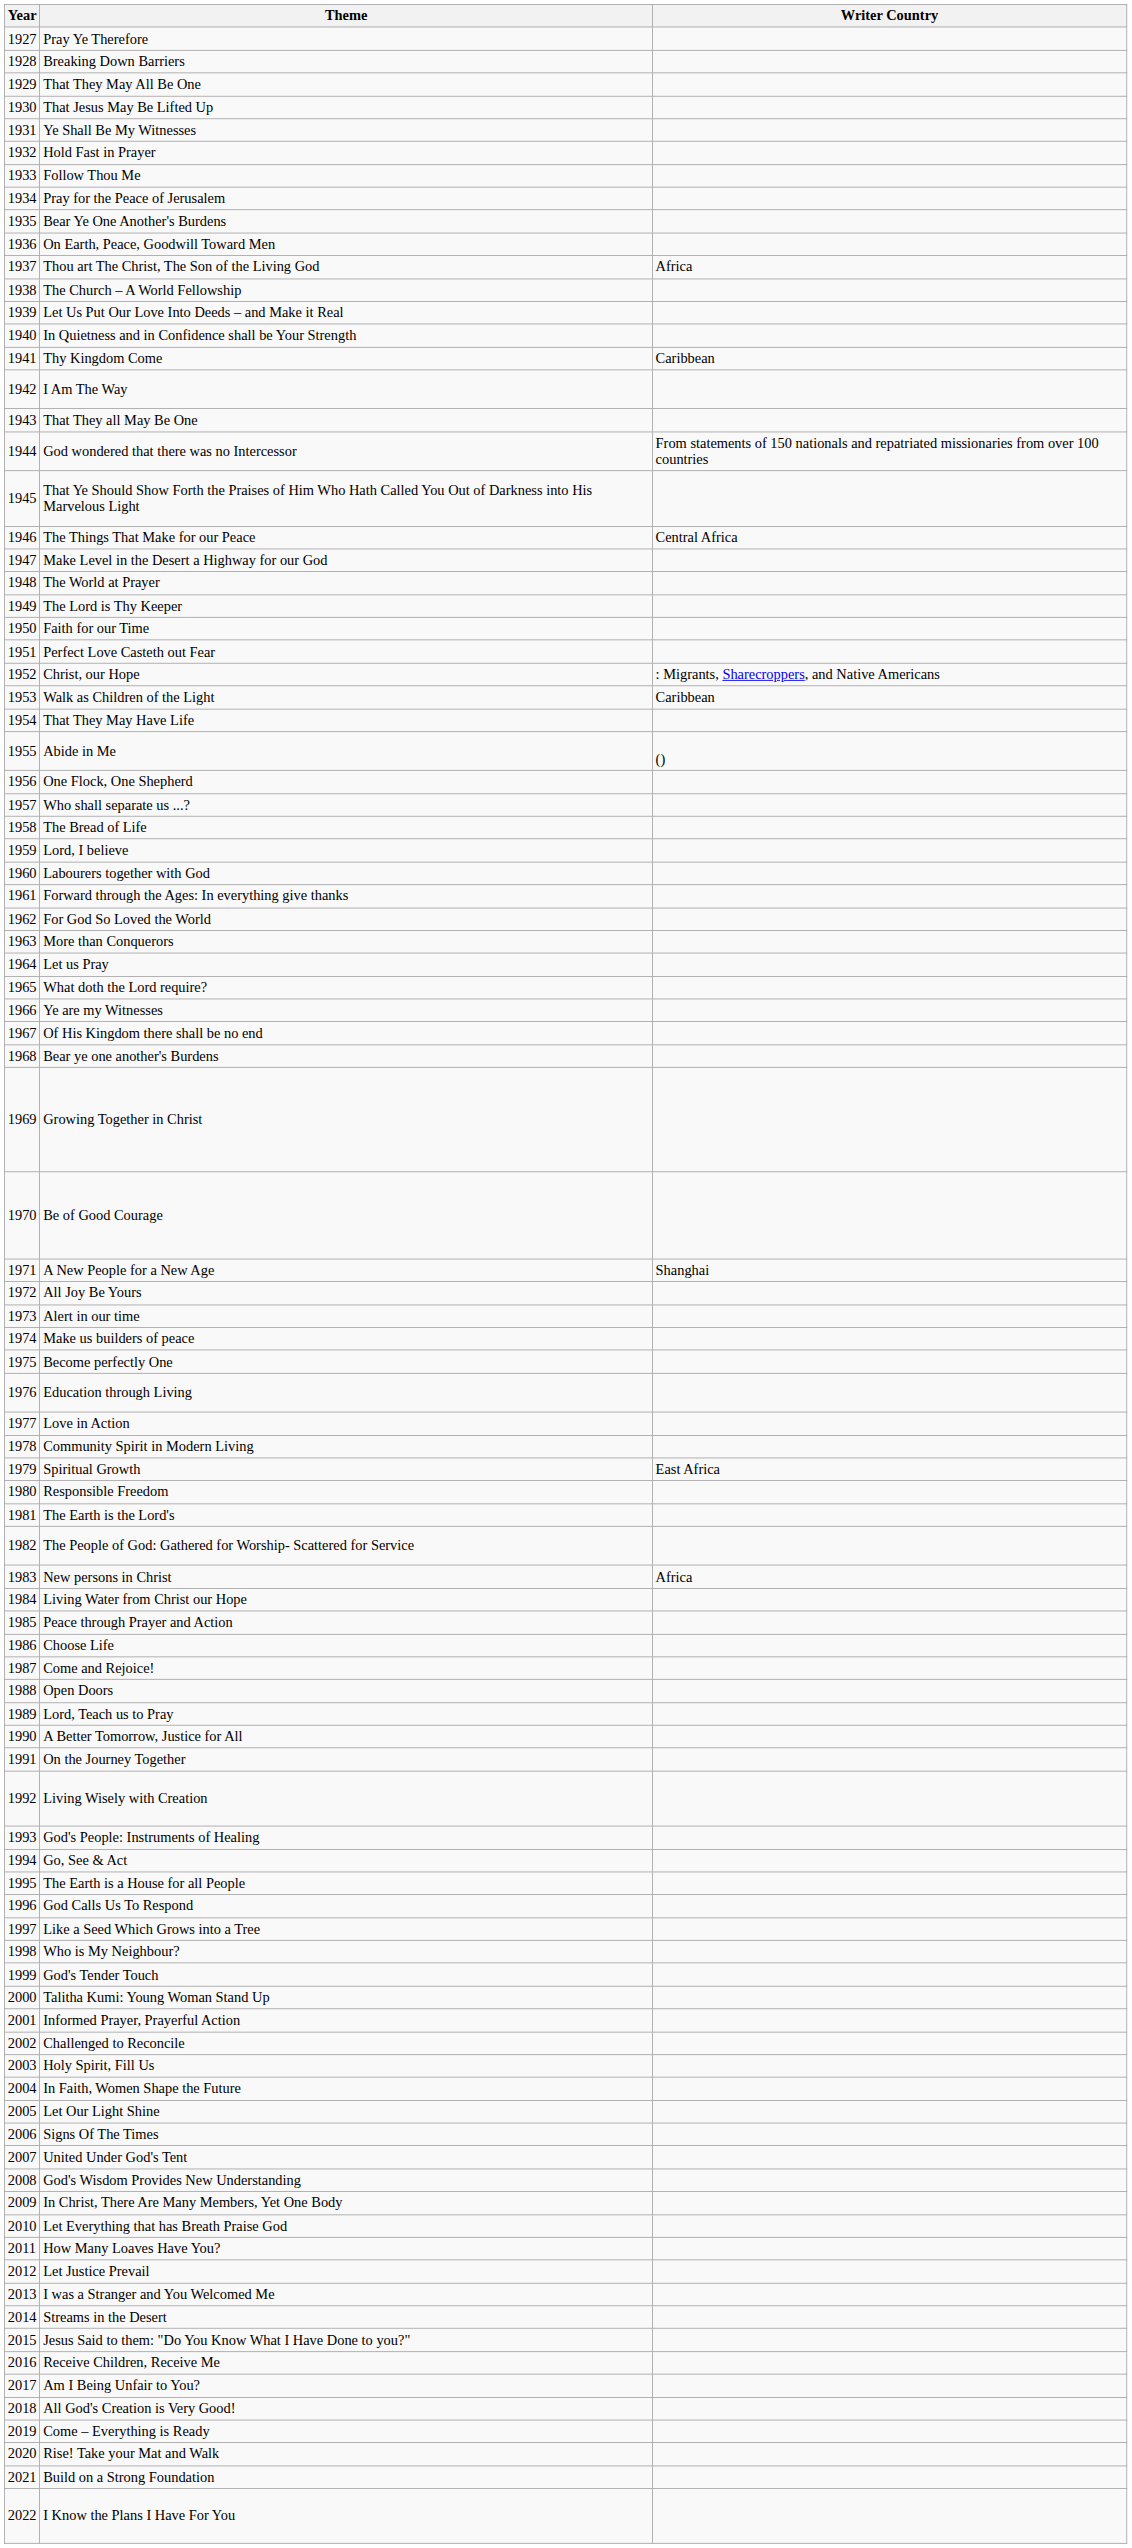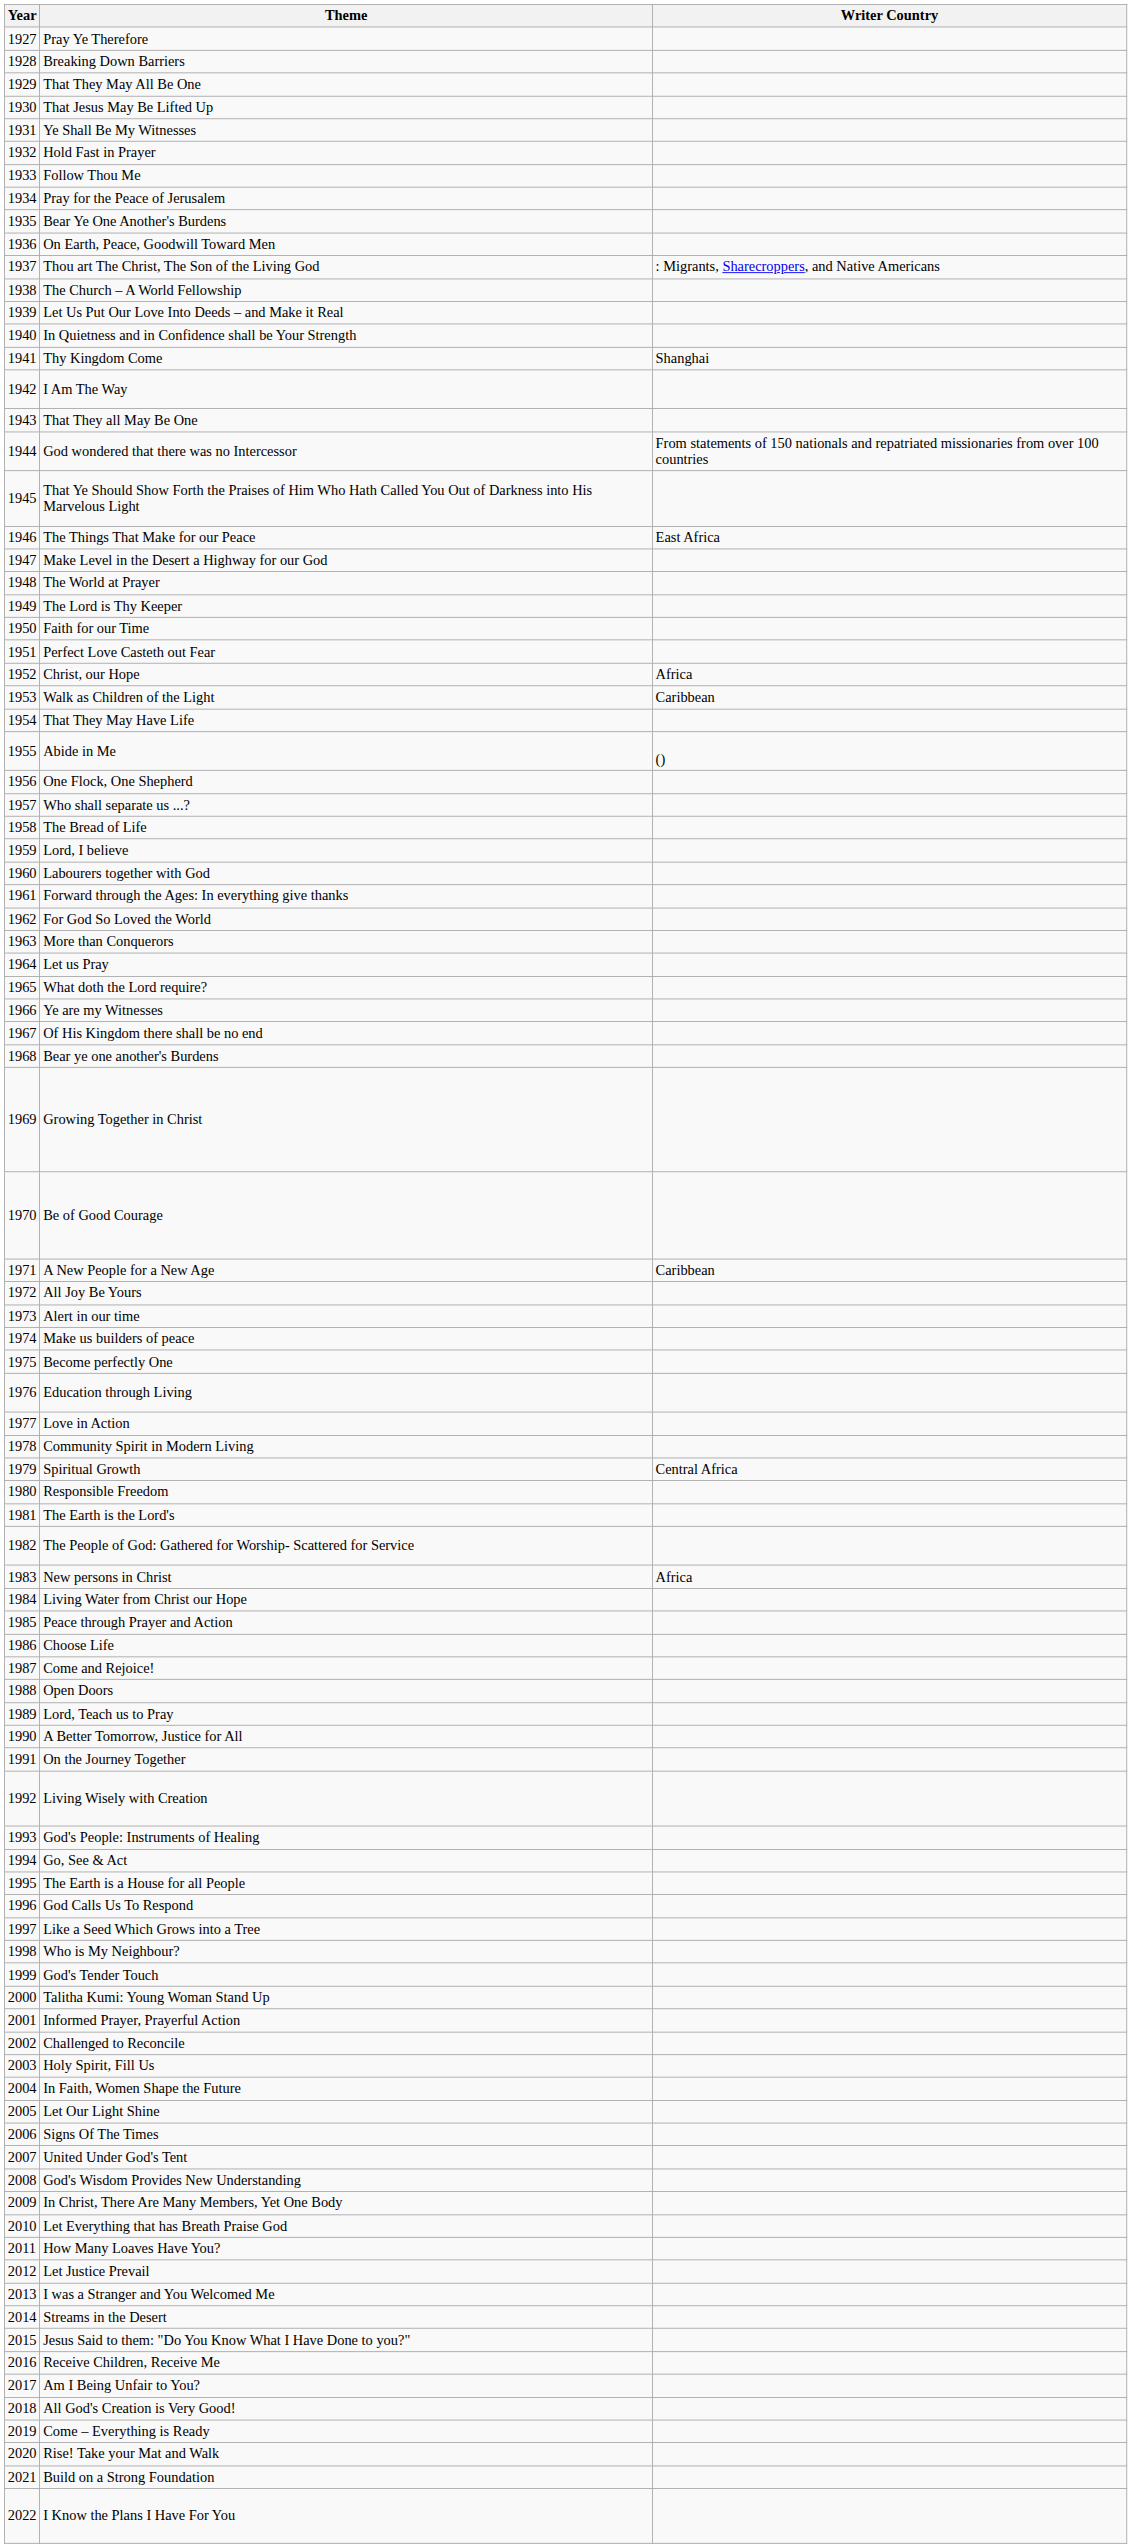 <table class="wikitable">
 <tr>
 <th>Year</th>
 <th>Theme</th>
 <th>Writer Country</th>
 </tr>
 <tr>
 <td>1927</td>
 <td>Pray Ye Therefore</td>
 <td></td>
 </tr>
 <tr>
 <td>1928</td>
 <td>Breaking Down Barriers</td>
 <td></td>
 </tr>
 <tr>
 <td>1929</td>
 <td>That They May All Be One</td>
 <td></td>
 </tr>
 <tr>
 <td>1930</td>
 <td>That Jesus May Be Lifted Up</td>
 <td></td>
 </tr>
 <tr>
 <td>1931</td>
 <td>Ye Shall Be My Witnesses</td>
 <td></td>
 </tr>
 <tr>
 <td>1932</td>
 <td>Hold Fast in Prayer</td>
 <td></td>
 </tr>
 <tr>
 <td>1933</td>
 <td>Follow Thou Me</td>
 <td></td>
 </tr>
 <tr>
 <td>1934</td>
 <td>Pray for the Peace of Jerusalem</td>
 <td></td>
 </tr>
 <tr>
 <td>1935</td>
 <td>Bear Ye One Another's Burdens</td>
 <td></td>
 </tr>
 <tr>
 <td>1936</td>
 <td>On Earth, Peace, Goodwill Toward Men</td>
 <td></td>
 </tr>
 <tr>
 <td>1937</td>
 <td>Thou art The Christ, The Son of the Living God</td>
-<td>Africa</td>
+<td>: Migrants, <a href='#'>Sharecroppers</a>, and Native Americans</td>
 </tr>
 <tr>
 <td>1938</td>
 <td>The Church – A World Fellowship</td>
 <td></td>
 </tr>
 <tr>
 <td>1939</td>
 <td>Let Us Put Our Love Into Deeds – and Make it Real</td>
 <td></td>
 </tr>
 <tr>
 <td>1940</td>
 <td>In Quietness and in Confidence shall be Your Strength</td>
 <td></td>
 </tr>
 <tr>
 <td>1941</td>
 <td>Thy Kingdom Come</td>
-<td>Caribbean</td>
+<td> Shanghai</td>
 </tr>
 <tr>
 <td>1942</td>
 <td>I Am The Way</td>
 <td><br><br></td>
 </tr>
 <tr>
 <td>1943</td>
 <td>That They all May Be One</td>
 <td></td>
 </tr>
 <tr>
 <td>1944</td>
 <td>God wondered that there was no Intercessor</td>
 <td>From statements of 150 nationals and repatriated missionaries from over 100 countries</td>
 </tr>
 <tr>
 <td>1945</td>
 <td>That Ye Should Show Forth the Praises of Him Who Hath Called You Out of Darkness into His Marvelous Light</td>
 <td><br><br> <br> </td>
 </tr>
 <tr>
 <td>1946</td>
 <td>The Things That Make for our Peace</td>
-<td>Central Africa</td>
+<td>East Africa</td>
 </tr>
 <tr>
 <td>1947</td>
 <td>Make Level in the Desert a Highway for our God</td>
 <td></td>
 </tr>
 <tr>
 <td>1948</td>
 <td>The World at Prayer</td>
 <td></td>
 </tr>
 <tr>
 <td>1949</td>
 <td>The Lord is Thy Keeper</td>
 <td></td>
 </tr>
 <tr>
 <td>1950</td>
 <td>Faith for our Time</td>
 <td></td>
 </tr>
 <tr>
 <td>1951</td>
 <td>Perfect Love Casteth out Fear</td>
 <td></td>
 </tr>
 <tr>
 <td>1952</td>
 <td>Christ, our Hope</td>
-<td>: Migrants, <a href='#'>Sharecroppers</a>, and Native Americans</td>
+<td>Africa</td>
 </tr>
 <tr>
 <td>1953</td>
 <td>Walk as Children of the Light</td>
 <td>Caribbean</td>
 </tr>
 <tr>
 <td>1954</td>
 <td>That They May Have Life</td>
 <td></td>
 </tr>
 <tr>
 <td>1955</td>
 <td>Abide in Me</td>
 <td><br>()</td>
 </tr>
 <tr>
 <td>1956</td>
 <td>One Flock, One Shepherd</td>
 <td></td>
 </tr>
 <tr>
 <td>1957</td>
 <td>Who shall separate us ...?</td>
 <td></td>
 </tr>
 <tr>
 <td>1958</td>
 <td>The Bread of Life</td>
 <td></td>
 </tr>
 <tr>
 <td>1959</td>
 <td>Lord, I believe</td>
 <td></td>
 </tr>
 <tr>
 <td>1960</td>
 <td>Labourers together with God</td>
 <td></td>
 </tr>
 <tr>
 <td>1961</td>
 <td>Forward through the Ages: In everything give thanks</td>
 <td></td>
 </tr>
 <tr>
 <td>1962</td>
 <td>For God So Loved the World</td>
 <td></td>
 </tr>
 <tr>
 <td>1963</td>
 <td>More than Conquerors</td>
 <td></td>
 </tr>
 <tr>
 <td>1964</td>
 <td>Let us Pray</td>
 <td></td>
 </tr>
 <tr>
 <td>1965</td>
 <td>What doth the Lord require?</td>
 <td></td>
 </tr>
 <tr>
 <td>1966</td>
 <td>Ye are my Witnesses</td>
 <td></td>
 </tr>
 <tr>
 <td>1967</td>
 <td>Of His Kingdom there shall be no end</td>
 <td></td>
 </tr>
 <tr>
 <td>1968</td>
 <td>Bear ye one another's Burdens</td>
 <td></td>
 </tr>
 <tr>
 <td>1969</td>
 <td>Growing Together in Christ</td>
 <td><br><br> <br>  <br>  <br>  <br> </td>
 </tr>
 <tr>
 <td>1970</td>
 <td>Be of Good Courage</td>
 <td><br><br><br> <br> <br> </td>
 </tr>
 <tr>
 <td>1971</td>
 <td>A New People for a New Age</td>
-<td> Shanghai</td>
+<td>Caribbean</td>
 </tr>
 <tr>
 <td>1972</td>
 <td>All Joy Be Yours</td>
 <td></td>
 </tr>
 <tr>
 <td>1973</td>
 <td>Alert in our time</td>
 <td></td>
 </tr>
 <tr>
 <td>1974</td>
 <td>Make us builders of peace</td>
 <td></td>
 </tr>
 <tr>
 <td>1975</td>
 <td>Become perfectly One</td>
 <td></td>
 </tr>
 <tr>
 <td>1976</td>
 <td>Education through Living</td>
 <td><br><br></td>
 </tr>
 <tr>
 <td>1977</td>
 <td>Love in Action</td>
 <td></td>
 </tr>
 <tr>
 <td>1978</td>
 <td>Community Spirit in Modern Living</td>
 <td></td>
 </tr>
 <tr>
 <td>1979</td>
 <td>Spiritual Growth</td>
-<td>East Africa</td>
+<td>Central Africa</td>
 </tr>
 <tr>
 <td>1980</td>
 <td>Responsible Freedom</td>
 <td></td>
 </tr>
 <tr>
 <td>1981</td>
 <td>The Earth is the Lord's</td>
 <td></td>
 </tr>
 <tr>
 <td>1982</td>
 <td>The People of God: Gathered for Worship- Scattered for Service</td>
 <td><br><br></td>
 </tr>
 <tr>
 <td>1983</td>
 <td>New persons in Christ</td>
 <td>Africa</td>
 </tr>
 <tr>
 <td>1984</td>
 <td>Living Water from Christ our Hope</td>
 <td></td>
 </tr>
 <tr>
 <td>1985</td>
 <td>Peace through Prayer and Action</td>
 <td></td>
 </tr>
 <tr>
 <td>1986</td>
 <td>Choose Life</td>
 <td></td>
 </tr>
 <tr>
 <td>1987</td>
 <td>Come and Rejoice!</td>
 <td></td>
 </tr>
 <tr>
 <td>1988</td>
 <td>Open Doors</td>
 <td></td>
 </tr>
 <tr>
 <td>1989</td>
 <td>Lord, Teach us to Pray</td>
 <td></td>
 </tr>
 <tr>
 <td>1990</td>
 <td>A Better Tomorrow, Justice for All</td>
 <td></td>
 </tr>
 <tr>
 <td>1991</td>
 <td>On the Journey Together</td>
 <td></td>
 </tr>
 <tr>
 <td>1992</td>
 <td>Living Wisely with Creation</td>
 <td><br><br><br> </td>
 </tr>
 <tr>
 <td>1993</td>
 <td>God's People: Instruments of Healing</td>
 <td></td>
 </tr>
 <tr>
 <td>1994</td>
 <td>Go, See & Act</td>
 <td></td>
 </tr>
 <tr>
 <td>1995</td>
 <td>The Earth is a House for all People</td>
 <td></td>
 </tr>
 <tr>
 <td>1996</td>
 <td>God Calls Us To Respond</td>
 <td></td>
 </tr>
 <tr>
 <td>1997</td>
 <td>Like a Seed Which Grows into a Tree</td>
 <td></td>
 </tr>
 <tr>
 <td>1998</td>
 <td>Who is My Neighbour?</td>
 <td></td>
 </tr>
 <tr>
 <td>1999</td>
 <td>God's Tender Touch</td>
 <td></td>
 </tr>
 <tr>
 <td>2000</td>
 <td>Talitha Kumi: Young Woman Stand Up</td>
 <td></td>
 </tr>
 <tr>
 <td>2001</td>
 <td>Informed Prayer, Prayerful Action</td>
 <td></td>
 </tr>
 <tr>
 <td>2002</td>
 <td>Challenged to Reconcile</td>
 <td></td>
 </tr>
 <tr>
 <td>2003</td>
 <td>Holy Spirit, Fill Us</td>
 <td></td>
 </tr>
 <tr>
 <td>2004</td>
 <td>In Faith, Women Shape the Future</td>
 <td></td>
 </tr>
 <tr>
 <td>2005</td>
 <td>Let Our Light Shine</td>
 <td></td>
 </tr>
 <tr>
 <td>2006</td>
 <td>Signs Of The Times</td>
 <td></td>
 </tr>
 <tr>
 <td>2007</td>
 <td>United Under God's Tent</td>
 <td></td>
 </tr>
 <tr>
 <td>2008</td>
 <td>God's Wisdom Provides New Understanding</td>
 <td></td>
 </tr>
 <tr>
 <td>2009</td>
 <td>In Christ, There Are Many Members, Yet One Body</td>
 <td></td>
 </tr>
 <tr>
 <td>2010</td>
 <td>Let Everything that has Breath Praise God</td>
 <td></td>
 </tr>
 <tr>
 <td>2011</td>
 <td>How Many Loaves Have You?</td>
 <td></td>
 </tr>
 <tr>
 <td>2012</td>
 <td>Let Justice Prevail</td>
 <td></td>
 </tr>
 <tr>
 <td>2013</td>
 <td>I was a Stranger and You Welcomed Me</td>
 <td></td>
 </tr>
 <tr>
 <td>2014</td>
 <td>Streams in the Desert</td>
 <td></td>
 </tr>
 <tr>
 <td>2015</td>
 <td>Jesus Said to them: "Do You Know What I Have Done to you?"</td>
 <td></td>
 </tr>
 <tr>
 <td>2016</td>
 <td>Receive Children, Receive Me</td>
 <td></td>
 </tr>
 <tr>
 <td>2017</td>
 <td>Am I Being Unfair to You?</td>
 <td></td>
 </tr>
 <tr>
 <td>2018</td>
 <td>All God's Creation is Very Good!</td>
 <td></td>
 </tr>
 <tr>
 <td>2019</td>
 <td>Come – Everything is Ready</td>
 <td></td>
 </tr>
 <tr>
 <td>2020</td>
 <td>Rise! Take your Mat and Walk</td>
 <td></td>
 </tr>
 <tr>
 <td>2021</td>
 <td>Build on a Strong Foundation</td>
 <td></td>
 </tr>
 <tr>
 <td>2022</td>
 <td>I Know the Plans I Have For You</td>
 <td><br><br> <br> </td>
 </tr>
 </table>
